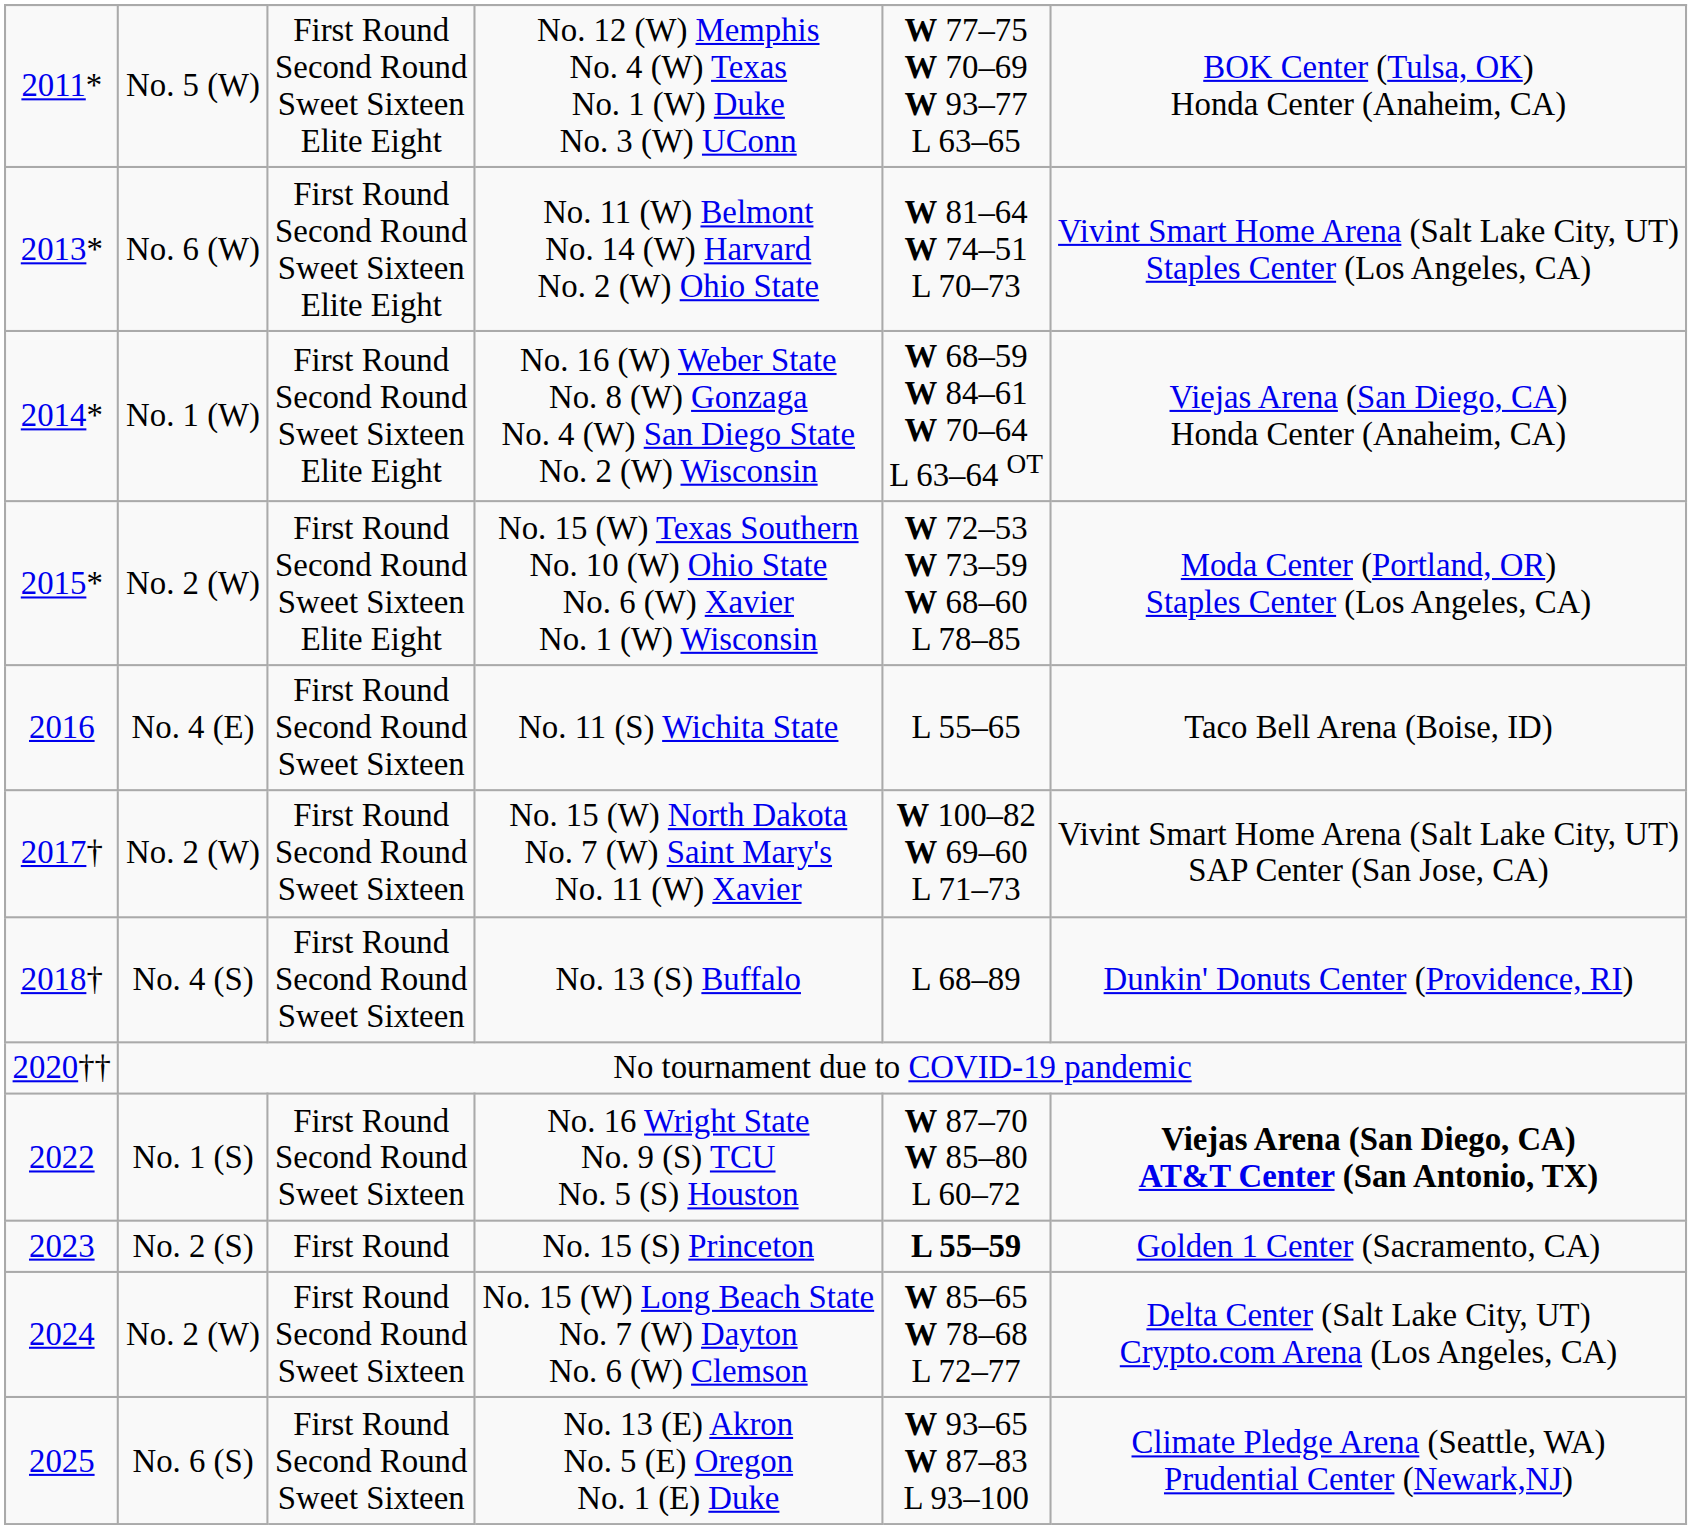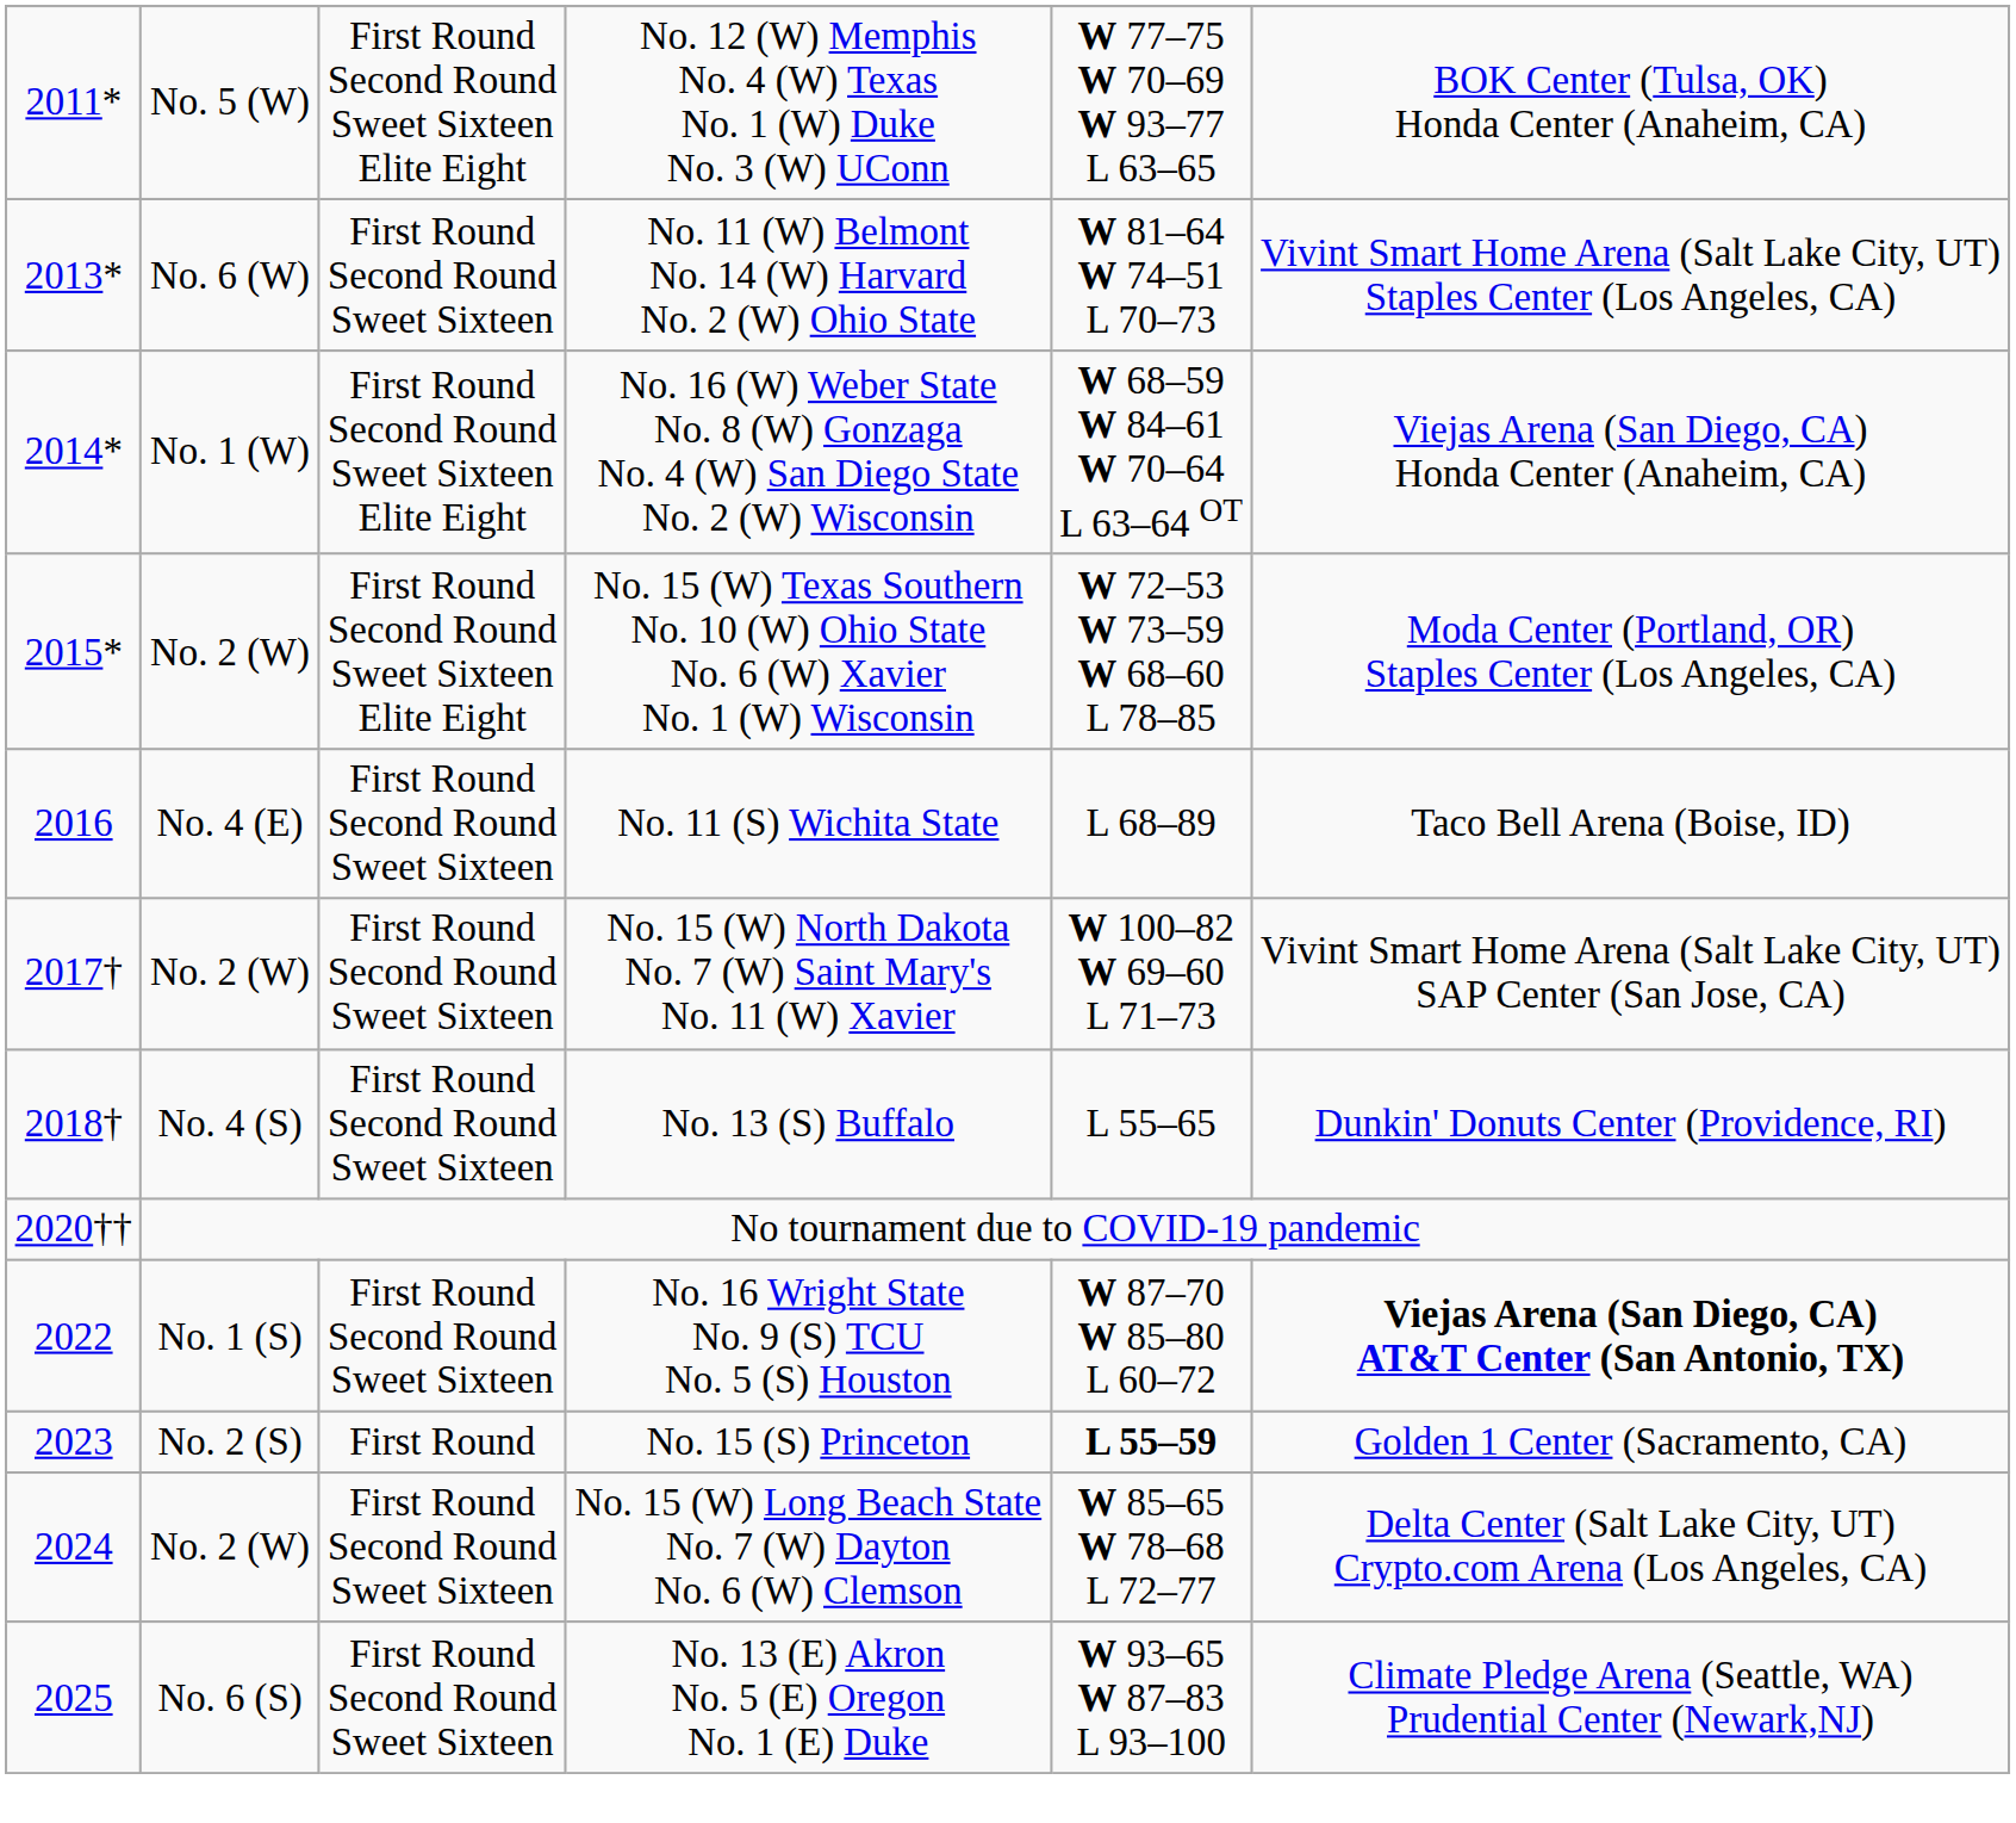 <table class="wikitable">
 <tr>
 </tr>
 <tr style="text-align:center;">
 <td><a href='#'>2011</a>*</td>
 <td>No. 5 (W)</td>
 <td>First Round<br>Second Round<br>Sweet Sixteen<br>Elite Eight</td>
 <td>No. 12 (W) <a href='#'>Memphis</a><br>No. 4 (W) <a href='#'>Texas</a><br>No. 1 (W) <a href='#'>Duke</a><br>No. 3 (W) <a href='#'>UConn</a></td>
 <td><strong>W</strong> 77–75<br><strong>W</strong> 70–69<br><strong>W</strong> 93–77<br>L 63–65</td>
 <td><a href='#'>BOK Center</a> (<a href='#'>Tulsa, OK</a>) <br> Honda Center (Anaheim, CA)</td>
 </tr>
 <tr style="text-align:center;">
 <td><a href='#'>2013</a>*</td>
 <td>No. 6 (W)</td>
-<td>First Round<br>Second Round<br>Sweet Sixteen<br>Elite Eight</td>
+<td>First Round<br>Second Round<br>Sweet Sixteen</td>
 <td>No. 11 (W) <a href='#'>Belmont</a><br>No. 14 (W) <a href='#'>Harvard</a><br>No. 2 (W) <a href='#'>Ohio State</a></td>
 <td><strong>W</strong> 81–64<br><strong>W</strong> 74–51<br>L 70–73</td>
 <td><a href='#'>Vivint Smart Home Arena</a> (Salt Lake City, UT) <br> <a href='#'>Staples Center</a> (Los Angeles, CA)</td>
 </tr>
 <tr style="text-align:center;">
 <td><a href='#'>2014</a>*</td>
 <td>No. 1 (W)</td>
 <td>First Round<br>Second Round<br>Sweet Sixteen<br>Elite Eight</td>
 <td>No. 16 (W) <a href='#'>Weber State</a><br>No. 8 (W) <a href='#'>Gonzaga</a><br>No. 4 (W) <a href='#'>San Diego State</a><br>No. 2 (W) <a href='#'>Wisconsin</a></td>
 <td><strong>W</strong> 68–59<br><strong>W</strong> 84–61<br><strong>W</strong> 70–64<br>L 63–64 <sup>OT</sup></td>
 <td><a href='#'>Viejas Arena</a> (<a href='#'>San Diego, CA</a>) <br> Honda Center (Anaheim, CA)</td>
 </tr>
 <tr style="text-align:center;">
 <td><a href='#'>2015</a>*</td>
 <td>No. 2 (W)</td>
 <td>First Round<br>Second Round<br>Sweet Sixteen<br>Elite Eight</td>
 <td>No. 15 (W) <a href='#'>Texas Southern</a><br>No. 10 (W) <a href='#'>Ohio State</a><br>No. 6 (W) <a href='#'>Xavier</a><br>No. 1 (W) <a href='#'>Wisconsin</a></td>
 <td><strong>W</strong> 72–53<br><strong>W</strong> 73–59<br><strong>W</strong> 68–60<br>L 78–85</td>
 <td><a href='#'>Moda Center</a> (<a href='#'>Portland, OR</a>) <br> <a href='#'>Staples Center</a> (Los Angeles, CA)</td>
 </tr>
 <tr style="text-align:center;">
 <td><a href='#'>2016</a></td>
 <td>No. 4 (E)</td>
 <td>First Round<br>Second Round<br>Sweet Sixteen</td>
 <td>No. 11 (S) <a href='#'>Wichita State</a></td>
-<td>L 55–65</td>
+<td>L 68–89</td>
 <td>Taco Bell Arena (Boise, ID)</td>
 </tr>
 <tr style="text-align:center;">
 <td><a href='#'>2017</a>†</td>
 <td>No. 2 (W)</td>
 <td>First Round<br>Second Round<br>Sweet Sixteen</td>
 <td>No. 15 (W) <a href='#'>North Dakota</a><br>No. 7 (W) <a href='#'>Saint Mary's</a><br>No. 11 (W) <a href='#'>Xavier</a></td>
 <td><strong>W</strong> 100–82<br><strong>W</strong> 69–60<br>L 71–73</td>
 <td>Vivint Smart Home Arena (Salt Lake City, UT) <br> SAP Center (San Jose, CA)</td>
 </tr>
 <tr style="text-align:center;">
 <td><a href='#'>2018</a>†</td>
 <td>No. 4 (S)</td>
 <td>First Round<br>Second Round<br>Sweet Sixteen</td>
 <td>No. 13 (S) <a href='#'>Buffalo</a></td>
-<td>L 68–89</td>
+<td>L 55–65</td>
 <td><a href='#'>Dunkin' Donuts Center</a> (<a href='#'>Providence, RI</a>)</td>
 </tr>
 <tr style="text-align:center;">
 <td><a href='#'>2020</a>††</td>
 <td colspan="5">No tournament due to <a href='#'>COVID-19 pandemic</a></td>
 </tr>
 <tr style="text-align:center;">
 <td><a href='#'>2022</a></td>
 <td>No. 1 (S)</td>
 <td>First Round<br>Second Round<br>Sweet Sixteen</td>
 <td>No. 16 <a href='#'>Wright State</a><br>No. 9 (S) <a href='#'>TCU</a><br>No. 5 (S) <a href='#'>Houston</a></td>
 <td><strong>W</strong> 87–70<br> <strong>W</strong> 85–80<br> L 60–72</td>
 <td><strong>Viejas Arena (San Diego, CA) <br> <a href='#'>AT&T Center</a> (San Antonio, TX)</strong></td>
 </tr>
 <tr style="text-align:center;">
 <td><a href='#'>2023</a></td>
 <td>No. 2 (S)</td>
 <td>First Round</td>
 <td>No. 15 (S) <a href='#'>Princeton</a></td>
 <td><strong>L 55–59</strong></td>
 <td><a href='#'>Golden 1 Center</a> (Sacramento, CA)</td>
 </tr>
 <tr style="text-align:center;">
 <td><a href='#'>2024</a></td>
 <td>No. 2 (W)</td>
 <td>First Round<br>Second Round<br>Sweet Sixteen</td>
 <td>No. 15 (W)  <a href='#'>Long Beach State</a><br>No. 7 (W) <a href='#'>Dayton</a><br> No. 6 (W) <a href='#'>Clemson</a></td>
 <td><strong>W</strong> 85–65<br> <strong>W</strong> 78–68<br> L 72–77</td>
 <td><a href='#'>Delta Center</a> (Salt Lake City, UT)<br><a href='#'>Crypto.com Arena</a> (Los Angeles, CA)</td>
 </tr>
 <tr style="text-align:center;">
 <td><a href='#'>2025</a></td>
 <td>No. 6 (S)</td>
 <td>First Round<br>Second Round<br>Sweet Sixteen</td>
 <td>No. 13 (E) <a href='#'>Akron</a><br>No. 5 (E) <a href='#'>Oregon</a><br>No. 1 (E) <a href='#'>Duke</a></td>
 <td><strong>W</strong> 93–65<br><strong>W</strong> 87–83<br>L 93–100</td>
 <td><a href='#'>Climate Pledge Arena</a> (Seattle, WA)<br><a href='#'>Prudential Center</a> (<a href='#'>Newark,NJ</a>)</td>
 </tr>
 </table>
